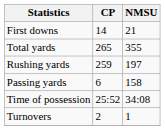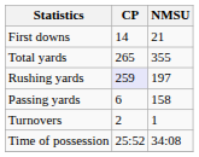 <table class="wikitable">
 <tr>
 <th>Statistics</th>
 <th>CP</th>
 <th>NMSU</th>
 </tr>
 <tr>
 <td>First downs</td>
 <td>14</td>
 <td>21</td>
 </tr>
 <tr>
 <td>Total yards</td>
 <td>265</td>
 <td>355</td>
 </tr>
 <tr>
 <td>Rushing yards</td>
-<td>259</td>
+<td style="background: lavender;">259</td>
 <td>197</td>
 </tr>
 <tr>
 <td>Passing yards</td>
 <td>6</td>
 <td>158</td>
 </tr>
 <tr>
+<td>Turnovers</td>
+<td>2</td>
+<td>1</td>
+</tr>
+<tr>
 <td>Time of possession</td>
 <td>25:52</td>
 <td>34:08</td>
 </tr>
 <tr>
-<td>Turnovers</td>
-<td>2</td>
-<td>1</td>
-</tr>
-<tr>
 </tr>
 </table>
